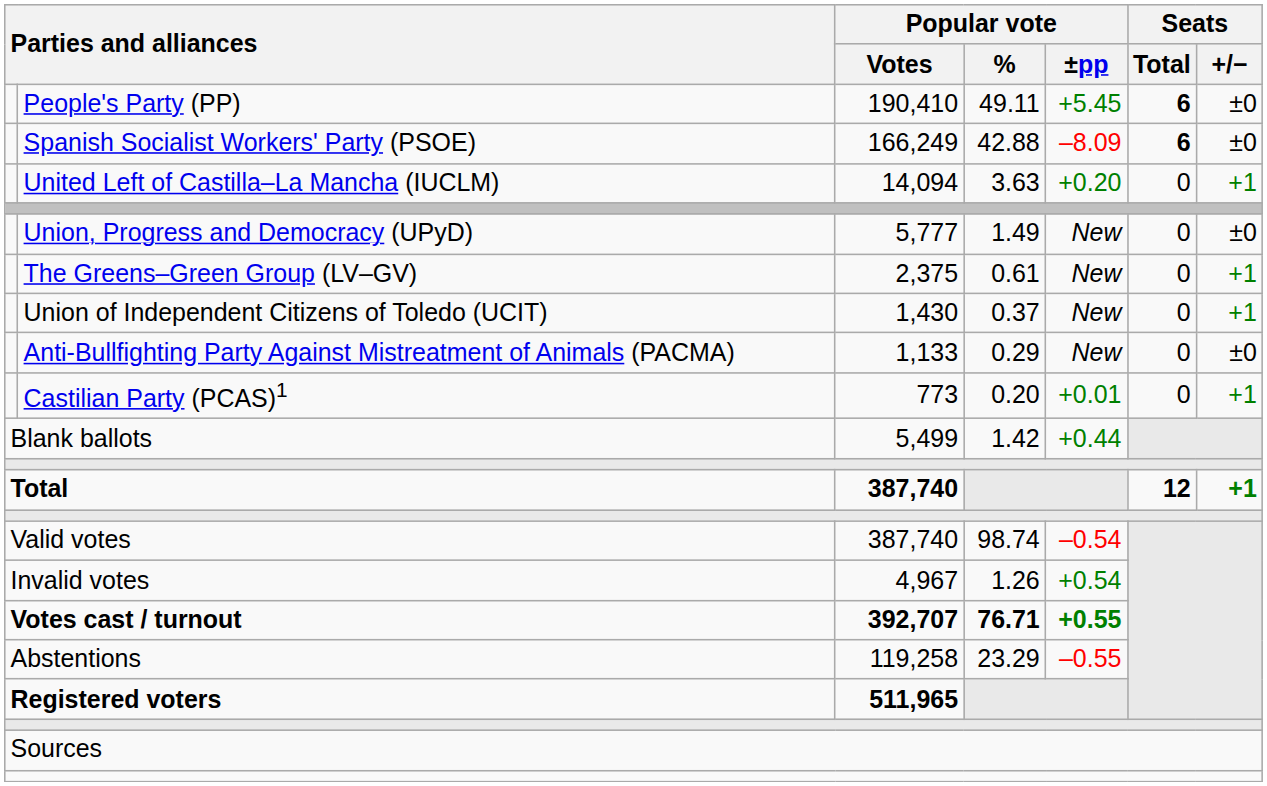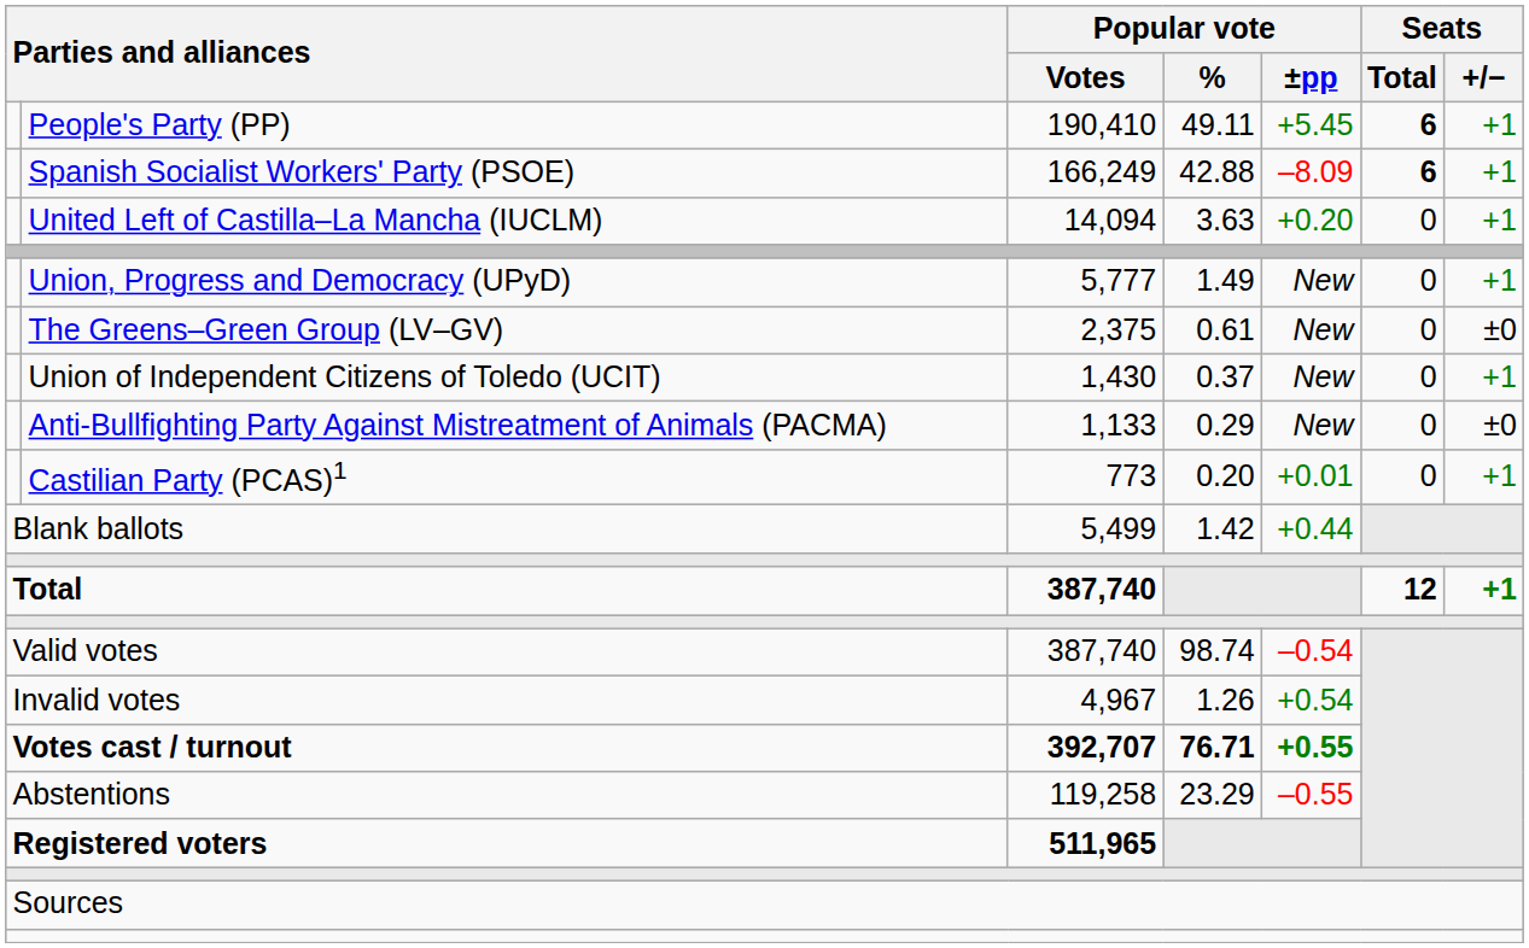 <table class="wikitable" style="text-align:right;">
 <tr>
 <th style="text-align:left;" rowspan="2" colspan="2" width="525">Parties and alliances</th>
 <th colspan="3">Popular vote</th>
 <th colspan="2">Seats</th>
 </tr>
 <tr>
 <th width="75">Votes</th>
 <th width="45">%</th>
 <th width="45">±<a href='#'>pp</a></th>
 <th width="35">Total</th>
 <th width="35">+/−</th>
 </tr>
 <tr>
 <td width="1" style="color:inherit;background:"></td>
 <td align="left"><a href='#'>People's Party</a> (PP)</td>
 <td>190,410</td>
 <td>49.11</td>
 <td style="color:green;">+5.45</td>
 <td><strong>6</strong></td>
-<td>±0</td>
+<td style="color:green;">+1</td>
 </tr>
 <tr>
 <td style="color:inherit;background:"></td>
 <td align="left"><a href='#'>Spanish Socialist Workers' Party</a> (PSOE)</td>
 <td>166,249</td>
 <td>42.88</td>
 <td style="color:red;">–8.09</td>
 <td><strong>6</strong></td>
-<td>±0</td>
+<td style="color:green;">+1</td>
 </tr>
 <tr>
 <td style="color:inherit;background:"></td>
 <td align="left"><a href='#'>United Left of Castilla–La Mancha</a> (IUCLM)</td>
 <td>14,094</td>
 <td>3.63</td>
 <td style="color:green;">+0.20</td>
 <td>0</td>
 <td style="color:green;">+1</td>
 </tr>
 <tr>
 <td colspan="7" bgcolor="#C0C0C0"></td>
 </tr>
 <tr>
 <td style="color:inherit;background:"></td>
 <td align="left"><a href='#'>Union, Progress and Democracy</a> (UPyD)</td>
 <td>5,777</td>
 <td>1.49</td>
 <td><em>New</em></td>
 <td>0</td>
-<td>±0</td>
+<td style="color:green;">+1</td>
 </tr>
 <tr>
 <td style="color:inherit;background:"></td>
 <td align="left"><a href='#'>The Greens–Green Group</a> (LV–GV)</td>
 <td>2,375</td>
 <td>0.61</td>
 <td><em>New</em></td>
 <td>0</td>
-<td style="color:green;">+1</td>
+<td>±0</td>
 </tr>
 <tr>
 <td style="color:inherit;background:"></td>
 <td align="left">Union of Independent Citizens of Toledo (UCIT)</td>
 <td>1,430</td>
 <td>0.37</td>
 <td><em>New</em></td>
 <td>0</td>
 <td style="color:green;">+1</td>
 </tr>
 <tr>
 <td style="color:inherit;background:"></td>
 <td align="left"><a href='#'>Anti-Bullfighting Party Against Mistreatment of Animals</a> (PACMA)</td>
 <td>1,133</td>
 <td>0.29</td>
 <td><em>New</em></td>
 <td>0</td>
 <td>±0</td>
 </tr>
 <tr>
 <td style="color:inherit;background:"></td>
 <td align="left"><a href='#'>Castilian Party</a> (PCAS)<sup>1</sup></td>
 <td>773</td>
 <td>0.20</td>
 <td style="color:green;">+0.01</td>
 <td>0</td>
 <td style="color:green;">+1</td>
 </tr>
 <tr>
 <td align="left" colspan="2">Blank ballots</td>
 <td>5,499</td>
 <td>1.42</td>
 <td style="color:green;">+0.44</td>
 <td bgcolor="#E9E9E9" colspan="2"></td>
 </tr>
 <tr>
 <td colspan="7" bgcolor="#E9E9E9"></td>
 </tr>
 <tr style="font-weight:bold;">
 <td align="left" colspan="2">Total</td>
 <td>387,740</td>
 <td bgcolor="#E9E9E9" colspan="2"></td>
 <td>12</td>
 <td style="color:green;">+1</td>
 </tr>
 <tr>
 <td colspan="7" bgcolor="#E9E9E9"></td>
 </tr>
 <tr>
 <td align="left" colspan="2">Valid votes</td>
 <td>387,740</td>
 <td>98.74</td>
 <td style="color:red;">–0.54</td>
 <td bgcolor="#E9E9E9" colspan="2" rowspan="5"></td>
 </tr>
 <tr>
 <td align="left" colspan="2">Invalid votes</td>
 <td>4,967</td>
 <td>1.26</td>
 <td style="color:green;">+0.54</td>
 </tr>
 <tr style="font-weight:bold;">
 <td align="left" colspan="2">Votes cast / turnout</td>
 <td>392,707</td>
 <td>76.71</td>
 <td style="color:green;">+0.55</td>
 </tr>
 <tr>
 <td align="left" colspan="2">Abstentions</td>
 <td>119,258</td>
 <td>23.29</td>
 <td style="color:red;">–0.55</td>
 </tr>
 <tr style="font-weight:bold;">
 <td align="left" colspan="2">Registered voters</td>
 <td>511,965</td>
 <td bgcolor="#E9E9E9" colspan="2"></td>
 </tr>
 <tr>
 <td colspan="7" bgcolor="#E9E9E9"></td>
 </tr>
 <tr>
 <td align="left" colspan="7">Sources</td>
 </tr>
 <tr>
 <td colspan="7" style="text-align:left; max-width:790px;"></td>
 </tr>
 </table>
